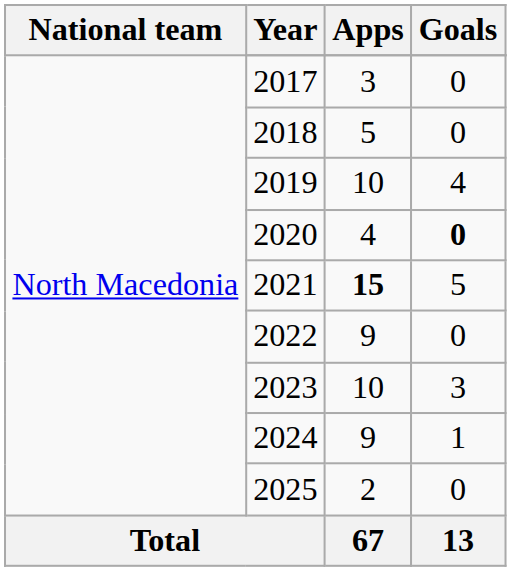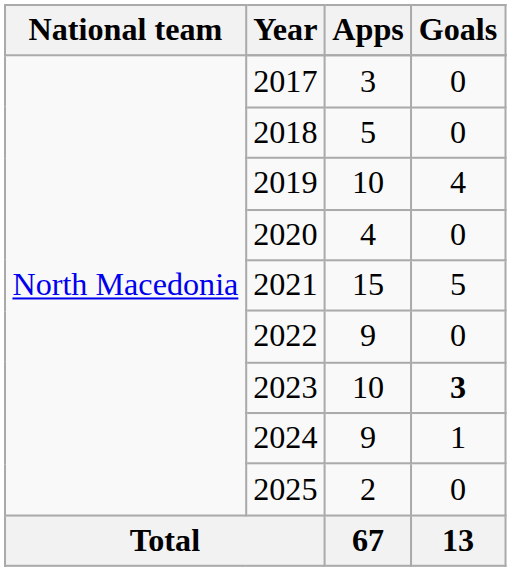 <table class="wikitable" style="text-align:center">
 <tr>
 <th>National team</th>
 <th>Year</th>
 <th>Apps</th>
 <th>Goals</th>
 </tr>
 <tr>
 <td rowspan="10"><a href='#'>North Macedonia</a></td>
 </tr>
 <tr>
 <td>2017</td>
 <td>3</td>
 <td>0</td>
 </tr>
 <tr>
 <td>2018</td>
 <td>5</td>
 <td>0</td>
 </tr>
 <tr>
 <td>2019</td>
 <td>10</td>
 <td>4</td>
 </tr>
 <tr>
 <td>2020</td>
 <td>4</td>
-<td><strong>0</strong></td>
+<td>0</td>
 </tr>
 <tr>
 <td>2021</td>
-<td><strong>15</strong></td>
+<td>15</td>
 <td>5</td>
 </tr>
 <tr>
 <td>2022</td>
 <td>9</td>
 <td>0</td>
 </tr>
 <tr>
 <td>2023</td>
 <td>10</td>
-<td>3</td>
+<td><strong>3</strong></td>
 </tr>
 <tr>
 <td>2024</td>
 <td>9</td>
 <td>1</td>
 </tr>
 <tr>
 <td>2025</td>
 <td>2</td>
 <td>0</td>
 </tr>
 <tr>
 <th colspan="2">Total</th>
 <th>67</th>
 <th>13</th>
 </tr>
 </table>
